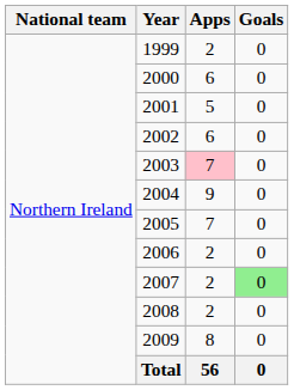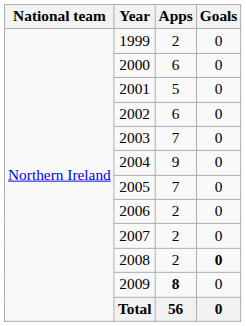 <table class="wikitable" style="text-align:center">
 <tr>
 <th>National team</th>
 <th>Year</th>
 <th>Apps</th>
 <th>Goals</th>
 </tr>
 <tr>
 <td rowspan="12"><a href='#'>Northern Ireland</a></td>
 <td>1999</td>
 <td>2</td>
 <td>0</td>
 </tr>
 <tr>
 <td>2000</td>
 <td>6</td>
 <td>0</td>
 </tr>
 <tr>
 <td>2001</td>
 <td>5</td>
 <td>0</td>
 </tr>
 <tr>
 <td>2002</td>
 <td>6</td>
 <td>0</td>
 </tr>
 <tr>
 <td>2003</td>
-<td style="background: pink;">7</td>
+<td>7</td>
 <td>0</td>
 </tr>
 <tr>
 <td>2004</td>
 <td>9</td>
 <td>0</td>
 </tr>
 <tr>
 <td>2005</td>
 <td>7</td>
 <td>0</td>
 </tr>
 <tr>
 <td>2006</td>
 <td>2</td>
 <td>0</td>
 </tr>
 <tr>
 <td>2007</td>
 <td>2</td>
-<td style="background: lightgreen;">0</td>
+<td>0</td>
 </tr>
 <tr>
 <td>2008</td>
 <td>2</td>
-<td>0</td>
+<td><strong>0</strong></td>
 </tr>
 <tr>
 <td>2009</td>
-<td>8</td>
+<td><strong>8</strong></td>
 <td>0</td>
 </tr>
 <tr>
 <th>Total</th>
 <th>56</th>
 <th>0</th>
 </tr>
 </table>
